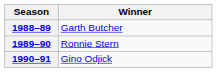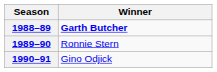 <table class="wikitable">
 <tr>
 <th scope="col" style="width:5em">Season</th>
 <th scope="col" style="width:15em">Winner</th>
 </tr>
 <tr>
 <th scope="row"><a href='#'>1988–89</a></th>
-<td><a href='#'>Garth Butcher</a></td>
+<td><strong><a href='#'>Garth Butcher</a></strong></td>
 </tr>
 <tr>
 <th scope="row"><a href='#'>1989–90</a></th>
 <td><a href='#'>Ronnie Stern</a></td>
 </tr>
 <tr>
 <th scope="row"><a href='#'>1990–91</a></th>
 <td><a href='#'>Gino Odjick</a></td>
 </tr>
 </table>
